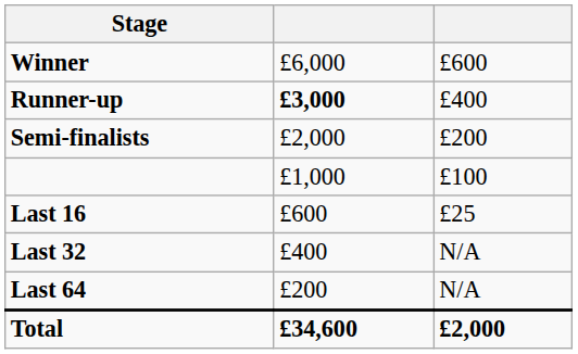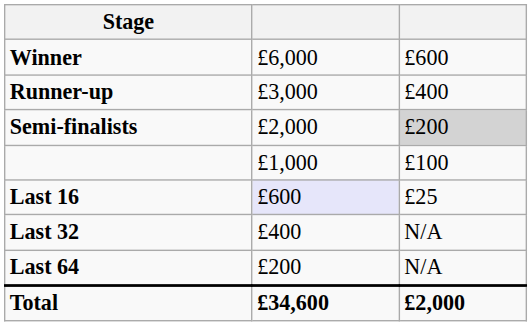 <table class="wikitable" style="width:30%; margin:0">
 <tr>
 <th>Stage</th>
 <th></th>
 <th></th>
 </tr>
 <tr>
 <td><strong>Winner</strong></td>
 <td>£6,000</td>
 <td>£600</td>
 </tr>
 <tr>
 <td><strong>Runner-up</strong></td>
-<td><strong>£3,000</strong></td>
+<td>£3,000</td>
 <td>£400</td>
 </tr>
 <tr>
 <td><strong>Semi-finalists</strong></td>
 <td>£2,000</td>
-<td>£200</td>
+<td style="background: lightgrey;">£200</td>
 </tr>
 <tr>
 <td><strong></strong></td>
 <td>£1,000</td>
 <td>£100</td>
 </tr>
 <tr>
 <td><strong>Last 16</strong></td>
-<td>£600</td>
+<td style="background: lavender;">£600</td>
 <td>£25</td>
 </tr>
 <tr>
 <td><strong>Last 32</strong></td>
 <td>£400</td>
 <td>N/A</td>
 </tr>
 <tr style="border-bottom:2px solid black;">
 <td><strong>Last 64</strong></td>
 <td>£200</td>
 <td>N/A</td>
 </tr>
 <tr>
 <td><strong>Total</strong></td>
 <td><strong>£34,600</strong></td>
 <td><strong>£2,000</strong></td>
 </tr>
 </table>
